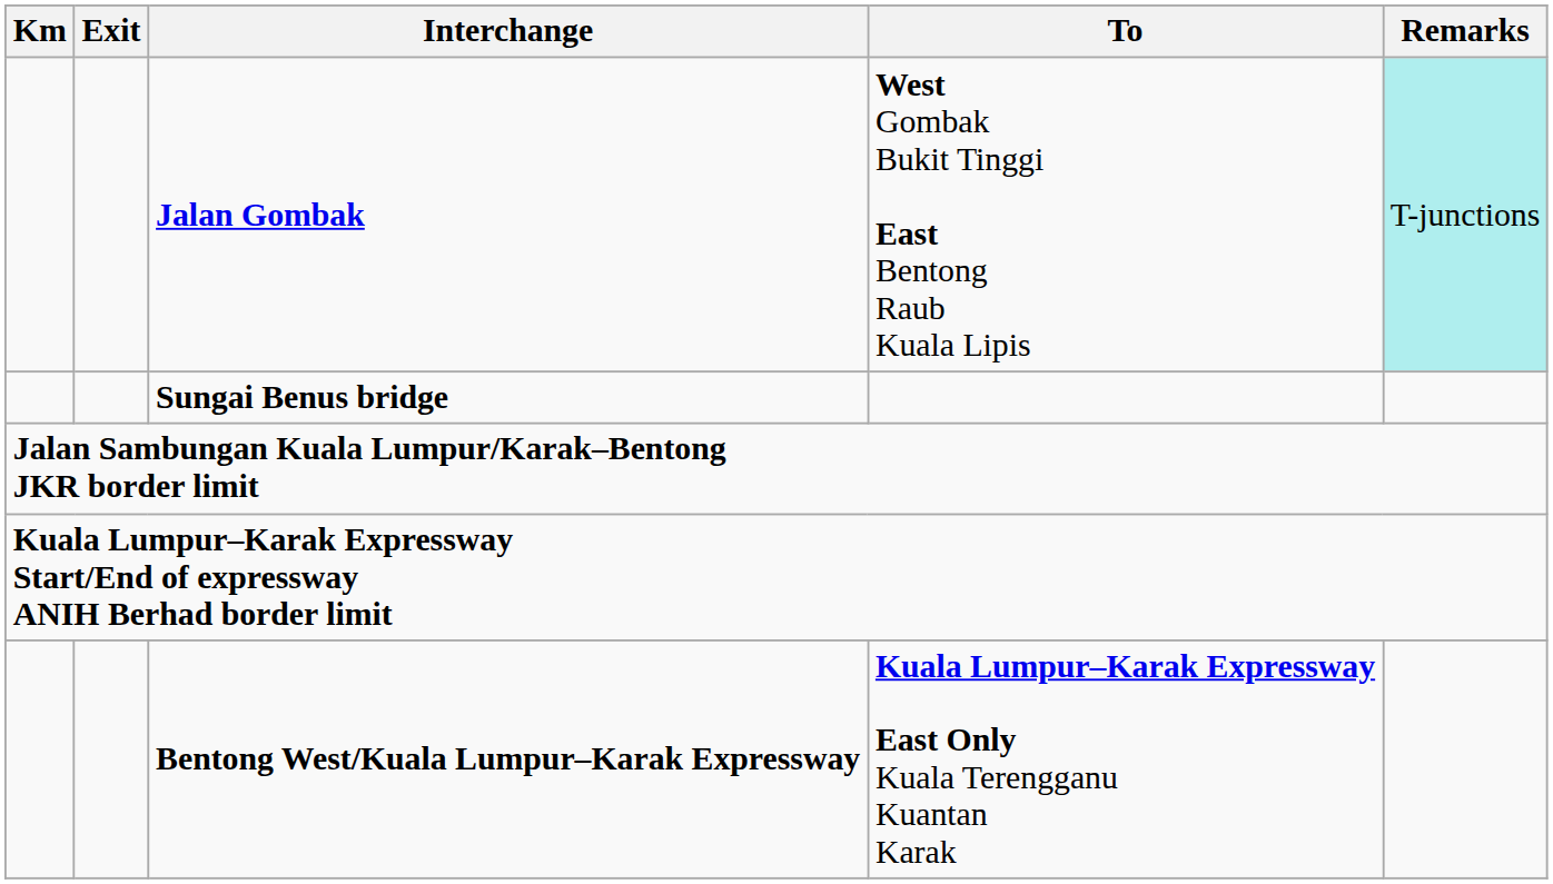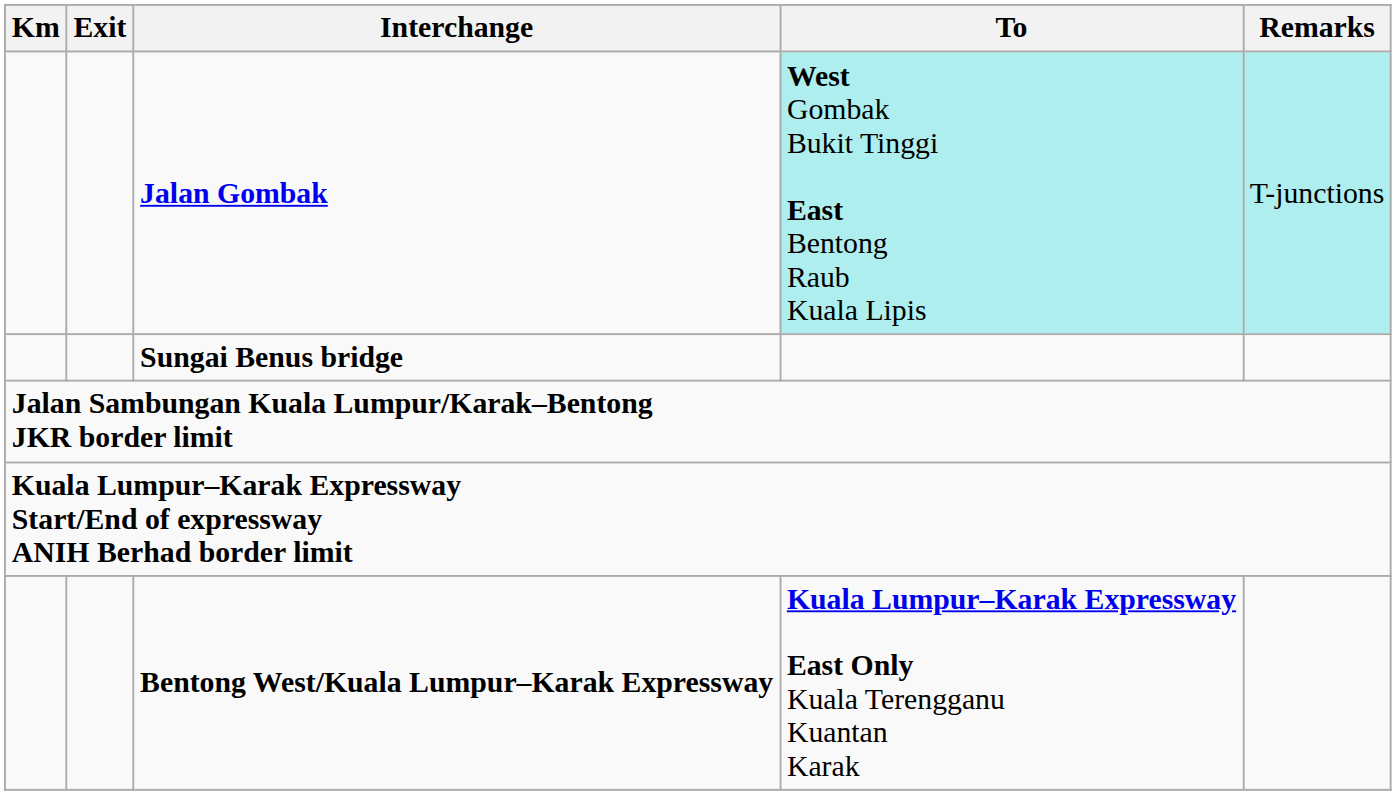 <table class="wikitable">
 <tr>
 <th>Km</th>
 <th>Exit</th>
 <th>Interchange</th>
 <th>To</th>
 <th>Remarks</th>
 </tr>
 <tr>
 <td></td>
 <td></td>
 <td> <strong><a href='#'>Jalan Gombak</a></strong></td>
-<td><strong>West</strong><br> Gombak<br> Bukit Tinggi<br><br><strong>East</strong><br> Bentong<br> Raub<br> Kuala Lipis</td>
+<td style="background: paleturquoise;"><strong>West</strong><br> Gombak<br> Bukit Tinggi<br><br><strong>East</strong><br> Bentong<br> Raub<br> Kuala Lipis</td>
 <td style="background: paleturquoise;">T-junctions</td>
 </tr>
 <tr>
 <td></td>
 <td></td>
 <td><strong>Sungai Benus bridge</strong></td>
 <td></td>
 <td></td>
 </tr>
 <tr>
 <td style="width:600px" colspan="6" style="text-align:center; background:blue;"><strong><span> Jalan Sambungan Kuala Lumpur/Karak–Bentong<br>JKR border limit</span></strong></td>
 </tr>
 <tr>
 <td style="width:600px" colspan="6" style="text-align:center; background:green;"><strong><span>   Kuala Lumpur–Karak Expressway<br>Start/End of expressway<br>ANIH Berhad border limit</span></strong></td>
 </tr>
 <tr>
 <td></td>
 <td></td>
 <td><strong>Bentong West/Kuala Lumpur–Karak Expressway</strong></td>
 <td>   <strong><a href='#'>Kuala Lumpur–Karak Expressway</a></strong><br><br><strong>East Only</strong><br>Kuala Terengganu<br>Kuantan<br>Karak</td>
 <td></td>
 </tr>
 </table>
